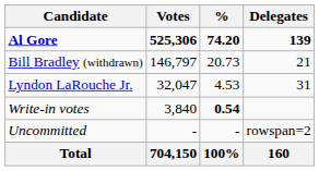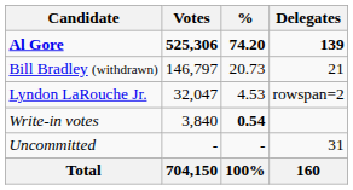 <table class="wikitable sortable" style="text-align:right;">
 <tr>
 <th>Candidate</th>
 <th>Votes</th>
 <th>%</th>
 <th>Delegates</th>
 </tr>
 <tr>
 <td style="text-align:left;" data-sort-value="Gore, Al"><strong><a href='#'>Al Gore</a></strong></td>
 <td><strong>525,306</strong></td>
 <td><strong>74.20</strong></td>
 <td><strong>139</strong></td>
 </tr>
 <tr>
 <td style="text-align:left;" data-sort-value="Bradley, Bill"><a href='#'>Bill Bradley</a> <small>(withdrawn)</small></td>
 <td>146,797</td>
 <td>20.73</td>
 <td>21</td>
 </tr>
 <tr>
 <td style="text-align:left;" data-sort-value="LaRouche Jr., Lyndon"><a href='#'>Lyndon LaRouche Jr.</a></td>
 <td>32,047</td>
 <td>4.53</td>
-<td>31</td>
+<td>rowspan=2 </td>
 </tr>
 <tr>
 <td style="text-align:left;" data-sort-value="ZZZ"><em>Write-in votes</em></td>
 <td>3,840</td>
 <td><strong>0.54</strong></td>
 </tr>
 <tr>
 <td style="text-align:left;" data-sort-value="ZZZ"><em>Uncommitted</em></td>
 <td>-</td>
 <td>-</td>
-<td>rowspan=2 </td>
+<td>31</td>
 </tr>
 <tr>
 <th>Total</th>
 <th>704,150</th>
 <th>100%</th>
 <th>160</th>
 </tr>
 </table>
